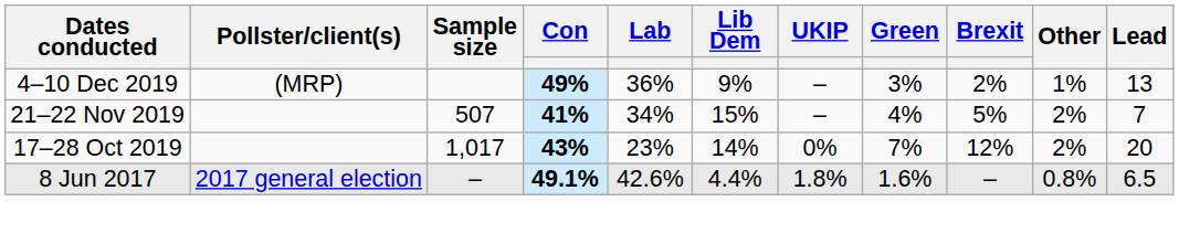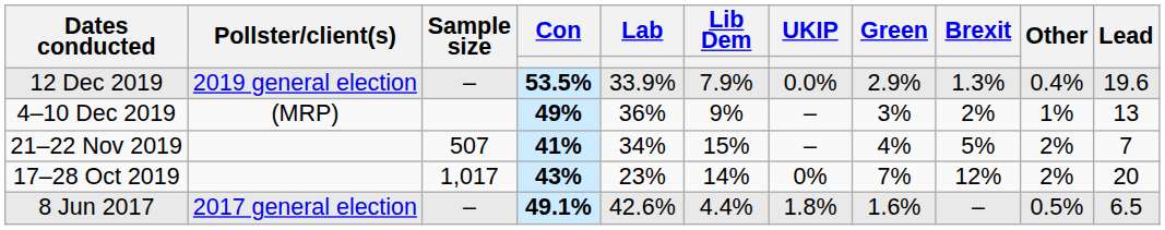 <table class="wikitable sortable mw-datatable" style="text-align:center;line-height:14px;">
 <tr>
 <th rowspan="2">Dates<br>conducted</th>
 <th rowspan="2">Pollster/client(s)</th>
 <th data-sort-type="number" rowspan="2">Sample<br>size</th>
 <th class="unsortable" style="width:50px;"><a href='#'>Con</a></th>
 <th class="unsortable" style="width:50px;"><a href='#'>Lab</a></th>
 <th class="unsortable" style="width:50px;"><a href='#'>Lib Dem</a></th>
 <th class="unsortable" style="width:50px;"><a href='#'>UKIP</a></th>
 <th class="unsortable" style="width:50px;"><a href='#'>Green</a></th>
 <th class="unsortable" style="width:50px;"><a href='#'>Brexit</a></th>
 <th class="unsortable" rowspan="2">Other</th>
 <th data-sort-type="number" rowspan="2">Lead</th>
 </tr>
 <tr>
 <th data-sort-type="number" style="background:"></th>
 <th data-sort-type="number" style="background:"></th>
 <th data-sort-type="number" style="background:"></th>
 <th data-sort-type="number" style="background:"></th>
 <th data-sort-type="number" style="background:"></th>
 <th data-sort-type="number" style="background:"></th>
+</tr>
+<tr style="background:#E9E9E9;">
+<td data-sort-value="2017-06-08">12 Dec 2019</td>
+<td><a href='#'>2019 general election</a></td>
+<td>–</td>
+<td style="background:#CCEBFF;"><strong>53.5%</strong></td>
+<td>33.9%</td>
+<td>7.9%</td>
+<td>0.0%</td>
+<td>2.9%</td>
+<td>1.3%</td>
+<td>0.4%</td>
+<td style="background:">19.6</td>
 </tr>
 <tr>
 <td data-sort-value="2019-12-10">4–10 Dec 2019</td>
 <td> (MRP)</td>
 <td></td>
 <td style="background:#CCEBFF;"><strong>49%</strong></td>
 <td>36%</td>
 <td>9%</td>
 <td>–</td>
 <td>3%</td>
 <td>2%</td>
 <td>1%</td>
 <td style="background:">13</td>
 </tr>
 <tr>
 <td data-sort-value="2019-11-22">21–22 Nov 2019</td>
 <td></td>
 <td>507</td>
 <td style="background:#CCEBFF;"><strong>41%</strong></td>
 <td>34%</td>
 <td>15%</td>
 <td>–</td>
 <td>4%</td>
 <td>5%</td>
 <td>2%</td>
 <td style="background:">7</td>
 </tr>
 <tr>
 <td data-sort-value="2019-10-28">17–28 Oct 2019</td>
 <td></td>
 <td>1,017</td>
 <td style="background:#CCEBFF;"><strong>43%</strong></td>
 <td>23%</td>
 <td>14%</td>
 <td>0%</td>
 <td>7%</td>
 <td>12%</td>
 <td>2%</td>
 <td style="background:">20</td>
 </tr>
 <tr style="background:#E9E9E9;">
 <td data-sort-value="2017-06-08">8 Jun 2017</td>
 <td><a href='#'>2017 general election</a></td>
 <td>–</td>
 <td style="background:#CCEBFF;"><strong>49.1%</strong></td>
 <td>42.6%</td>
 <td>4.4%</td>
 <td>1.8%</td>
 <td>1.6%</td>
 <td>–</td>
-<td>0.8%</td>
+<td>0.5%</td>
 <td style="background:">6.5</td>
 </tr>
 </table>
